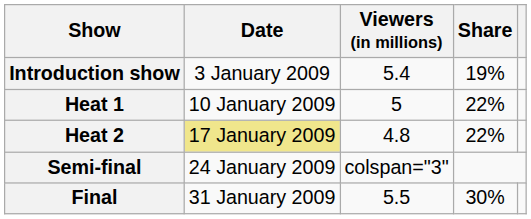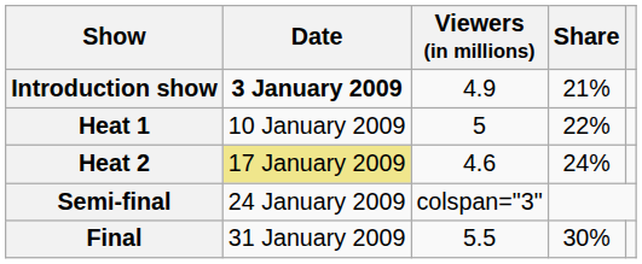 <table class="wikitable plainrowheaders sortable" style="text-align:center">
 <tr>
 <th scope="col">Show</th>
 <th scope="col">Date</th>
 <th scope="col">Viewers<br><small>(in millions)</small></th>
 <th>Share</th>
 <th scope="col" class="unsortable"></th>
 </tr>
 <tr>
 <th scope="row">Introduction show</th>
-<td>3 January 2009</td>
-<td>5.4</td>
-<td>19%</td>
+<td><strong>3 January 2009</strong></td>
+<td>4.9</td>
+<td>21%</td>
 <td></td>
 </tr>
 <tr>
 <th scope="row">Heat 1</th>
 <td>10 January 2009</td>
 <td>5</td>
 <td>22%</td>
 <td></td>
 </tr>
 <tr>
 <th scope="row">Heat 2</th>
 <td style="background: khaki;">17 January 2009</td>
-<td>4.8</td>
-<td>22%</td>
+<td>4.6</td>
+<td>24%</td>
 <td></td>
 </tr>
 <tr>
 <th scope="row">Semi-final</th>
 <td>24 January 2009</td>
 <td>colspan="3" </td>
 </tr>
 <tr>
 <th scope="row">Final</th>
 <td>31 January 2009</td>
 <td>5.5</td>
 <td>30%</td>
 <td></td>
 </tr>
 </table>
